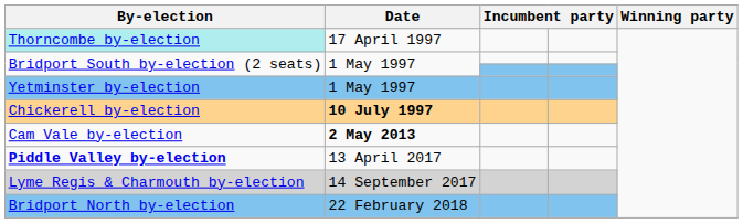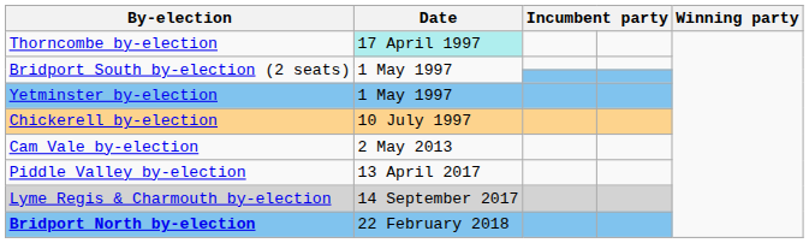 <table class="wikitable">
 <tr>
 <th>By-election</th>
 <th>Date</th>
 <th colspan=2>Incumbent party</th>
 <th colspan=2>Winning party</th>
 </tr>
 <tr>
-<td style="background: paleturquoise;"><a href='#'>Thorncombe by-election</a></td>
-<td>17 April 1997</td>
+<td><a href='#'>Thorncombe by-election</a></td>
+<td style="background: paleturquoise;">17 April 1997</td>
 <td></td>
 <td></td>
 </tr>
 <tr>
 <td rowspan=2><a href='#'>Bridport South by-election</a> (2 seats)</td>
 <td rowspan=2>1 May 1997</td>
 <td></td>
 <td></td>
 </tr>
 <tr bgcolor=#80C3EE>
 <td></td>
 <td></td>
 </tr>
 <tr bgcolor=#80C3EE>
 <td><a href='#'>Yetminster by-election</a></td>
 <td>1 May 1997</td>
 <td></td>
 <td></td>
 </tr>
 <tr bgcolor=#FDD38D>
 <td><a href='#'>Chickerell by-election</a></td>
-<td><strong>10 July 1997</strong></td>
+<td>10 July 1997</td>
 <td></td>
 <td></td>
 </tr>
 <tr bgcolor=>
 <td><a href='#'>Cam Vale by-election</a></td>
-<td><strong>2 May 2013</strong></td>
+<td>2 May 2013</td>
 <td></td>
 <td></td>
 </tr>
 <tr bgcolor=>
-<td><strong><a href='#'>Piddle Valley by-election</a></strong></td>
+<td><a href='#'>Piddle Valley by-election</a></td>
 <td>13 April 2017</td>
 <td></td>
 <td></td>
 </tr>
 <tr bgcolor=lightgrey>
 <td><a href='#'>Lyme Regis & Charmouth by-election</a></td>
 <td>14 September 2017</td>
 <td></td>
 <td></td>
 </tr>
 <tr bgcolor=#80C3EE>
-<td><a href='#'>Bridport North by-election</a></td>
+<td><strong><a href='#'>Bridport North by-election</a></strong></td>
 <td>22 February 2018</td>
 <td></td>
 <td></td>
 </tr>
 </table>
